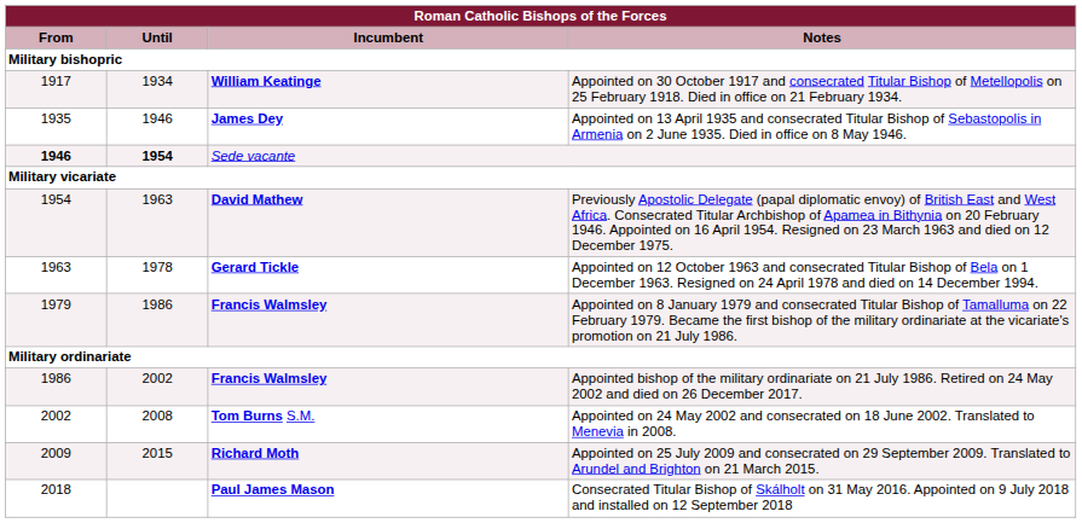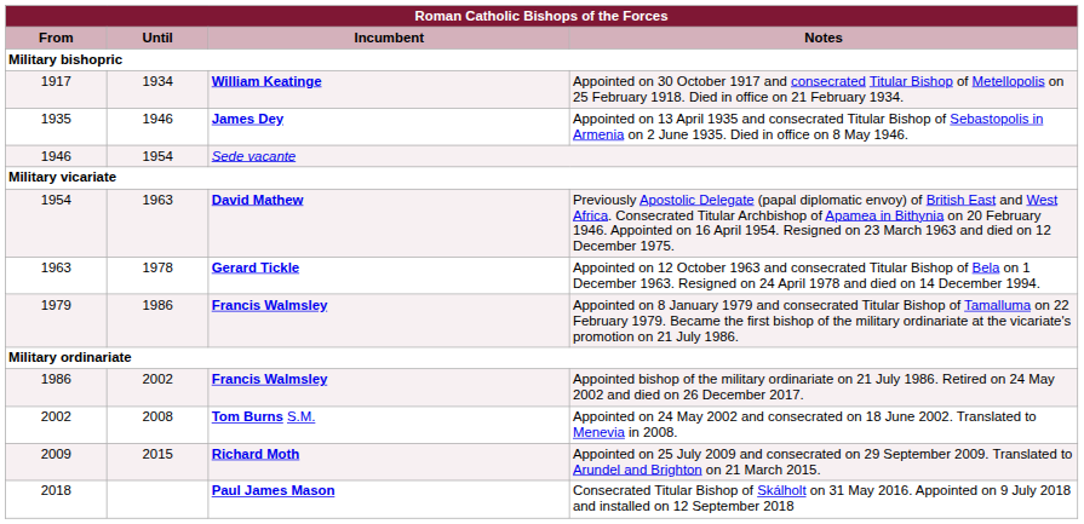 <table class="wikitable">
 <tr>
 <th colspan="4" style="background:#7f1734; color:white;">Roman Catholic Bishops of the Forces</th>
 </tr>
 <tr>
 <th style="background:#d4b1bb; width:9%;">From</th>
 <th style="background:#d4b1bb; width:9%;">Until</th>
 <th style="background:#d4b1bb; width:32%;">Incumbent</th>
 <th style="background:#d4b1bb; width:45%;">Notes</th>
 </tr>
 <tr style="vertical-align:top; background:white;">
 <td colspan="4"><strong>Military bishopric</strong></td>
 </tr>
 <tr style="vertical-align:top; background:#f7f0f2;">
 <td align=center>1917</td>
 <td align=center>1934</td>
 <td><strong><a href='#'>William Keatinge</a></strong></td>
 <td>Appointed on 30 October 1917 and <a href='#'>consecrated</a> <a href='#'>Titular Bishop</a> of <a href='#'>Metellopolis</a> on 25 February 1918. Died in office on 21 February 1934.</td>
 </tr>
 <tr style="vertical-align:top; background:white;">
 <td align=center>1935</td>
 <td align=center>1946</td>
 <td><strong><a href='#'>James Dey</a></strong></td>
 <td>Appointed on 13 April 1935 and consecrated Titular Bishop of <a href='#'>Sebastopolis in Armenia</a> on 2 June 1935. Died in office on 8 May 1946.</td>
 </tr>
 <tr style="vertical-align:top; background:#f7f0f2;">
-<td align=center><strong>1946</strong></td>
-<td align=center><strong>1954</strong></td>
+<td align=center>1946</td>
+<td align=center>1954</td>
 <td colspan=2><em><a href='#'>Sede vacante</a></em></td>
 </tr>
 <tr style="vertical-align:top; background:white;">
 <td colspan="4"><strong>Military vicariate</strong></td>
 </tr>
 <tr style="vertical-align:top; background:#f7f0f2;">
 <td align=center>1954</td>
 <td align=center>1963</td>
 <td><strong><a href='#'>David Mathew</a></strong></td>
 <td>Previously <a href='#'>Apostolic Delegate</a> (papal diplomatic envoy) of <a href='#'>British East</a> and <a href='#'>West Africa</a>. Consecrated Titular Archbishop of <a href='#'>Apamea in Bithynia</a> on 20 February 1946. Appointed on 16 April 1954. Resigned on 23 March 1963 and died on 12 December 1975.</td>
 </tr>
 <tr style="vertical-align:top; background:white;">
 <td align=center>1963</td>
 <td align=center>1978</td>
 <td><strong><a href='#'>Gerard Tickle</a></strong></td>
 <td>Appointed on 12 October 1963 and consecrated Titular Bishop of <a href='#'>Bela</a> on 1 December 1963. Resigned on 24 April 1978 and died on 14 December 1994.</td>
 </tr>
 <tr style="vertical-align:top; background:#f7f0f2;">
 <td align=center>1979</td>
 <td align=center>1986</td>
 <td><strong><a href='#'>Francis Walmsley</a></strong></td>
 <td>Appointed on 8 January 1979 and consecrated Titular Bishop of <a href='#'>Tamalluma</a> on 22 February 1979. Became the first bishop of the military ordinariate at the vicariate's promotion on 21 July 1986.</td>
 </tr>
 <tr style="vertical-align:top; background:white;">
 <td colspan="4"><strong>Military ordinariate</strong></td>
 </tr>
 <tr style="vertical-align:top; background:#f7f0f2;">
 <td align=center>1986</td>
 <td align=center>2002</td>
 <td><strong><a href='#'>Francis Walmsley</a></strong></td>
 <td>Appointed bishop of the military ordinariate on 21 July 1986. Retired on 24 May 2002 and died on 26 December 2017.</td>
 </tr>
 <tr style="vertical-align:top; background:white;">
 <td align=center>2002</td>
 <td align=center>2008</td>
 <td><strong><a href='#'>Tom Burns</a></strong> <a href='#'>S.M.</a></td>
 <td>Appointed on 24 May 2002 and consecrated on 18 June 2002. Translated to <a href='#'>Menevia</a> in 2008.</td>
 </tr>
 <tr style="vertical-align:top; background:#f7f0f2;">
 <td align=center>2009</td>
 <td align=center>2015</td>
 <td><strong><a href='#'>Richard Moth</a></strong></td>
 <td>Appointed on 25 July 2009 and consecrated on 29 September 2009. Translated to <a href='#'>Arundel and Brighton</a> on 21 March 2015.</td>
 </tr>
 <tr style="vertical-align:top; background:white;">
 <td align=center>2018</td>
 <td></td>
 <td><strong><a href='#'>Paul James Mason</a></strong></td>
 <td>Consecrated Titular Bishop of <a href='#'>Skálholt</a> on 31 May 2016. Appointed on 9 July 2018 and installed on 12 September 2018</td>
 </tr>
 </table>
